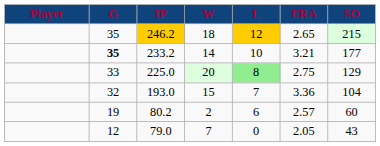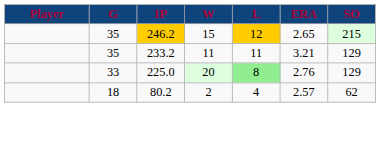 <table class="wikitable sortable">
 <tr>
 <th style="background:#0f437c; color:#af0039; width:16%;">Player</th>
 <th style="background:#0f437c; color:#af0039; width:9%;">G</th>
 <th style="background:#0f437c; color:#af0039; width:9%;">IP</th>
 <th style="background:#0f437c; color:#af0039; width:9%;">W</th>
 <th style="background:#0f437c; color:#af0039; width:9%;">L</th>
 <th style="background:#0f437c; color:#af0039; width:9%;">ERA</th>
 <th style="background:#0f437c; color:#af0039; width:9%;">SO</th>
 </tr>
 <tr style="text-align:center;">
 <td></td>
 <td>35</td>
 <td style="background:#fc0;">246.2</td>
-<td>18</td>
+<td>15</td>
 <td style="background:#fc0;">12</td>
 <td>2.65</td>
 <td style="background:#DDFFDD;">215</td>
 </tr>
 <tr align=center>
 <td></td>
-<td><strong>35</strong></td>
+<td>35</td>
 <td>233.2</td>
-<td>14</td>
-<td>10</td>
+<td>11</td>
+<td>11</td>
 <td>3.21</td>
-<td>177</td>
+<td>129</td>
 </tr>
 <tr style="text-align:center;">
 <td></td>
 <td>33</td>
 <td>225.0</td>
 <td style="background:#DDFFDD;">20</td>
 <td style="background: lightgreen;">8</td>
-<td>2.75</td>
+<td>2.76</td>
 <td>129</td>
 </tr>
 <tr style="text-align:center;">
 <td></td>
-<td>32</td>
-<td>193.0</td>
-<td>15</td>
-<td>7</td>
-<td>3.36</td>
-<td>104</td>
-</tr>
-<tr style="text-align:center;">
-<td></td>
-<td>19</td>
+<td>18</td>
 <td>80.2</td>
 <td>2</td>
-<td>6</td>
+<td>4</td>
 <td>2.57</td>
-<td>60</td>
-</tr>
-<tr style="text-align:center;">
-<td></td>
-<td>12</td>
-<td>79.0</td>
-<td>7</td>
-<td>0</td>
-<td>2.05</td>
-<td>43</td>
+<td>62</td>
 </tr>
 </table>
